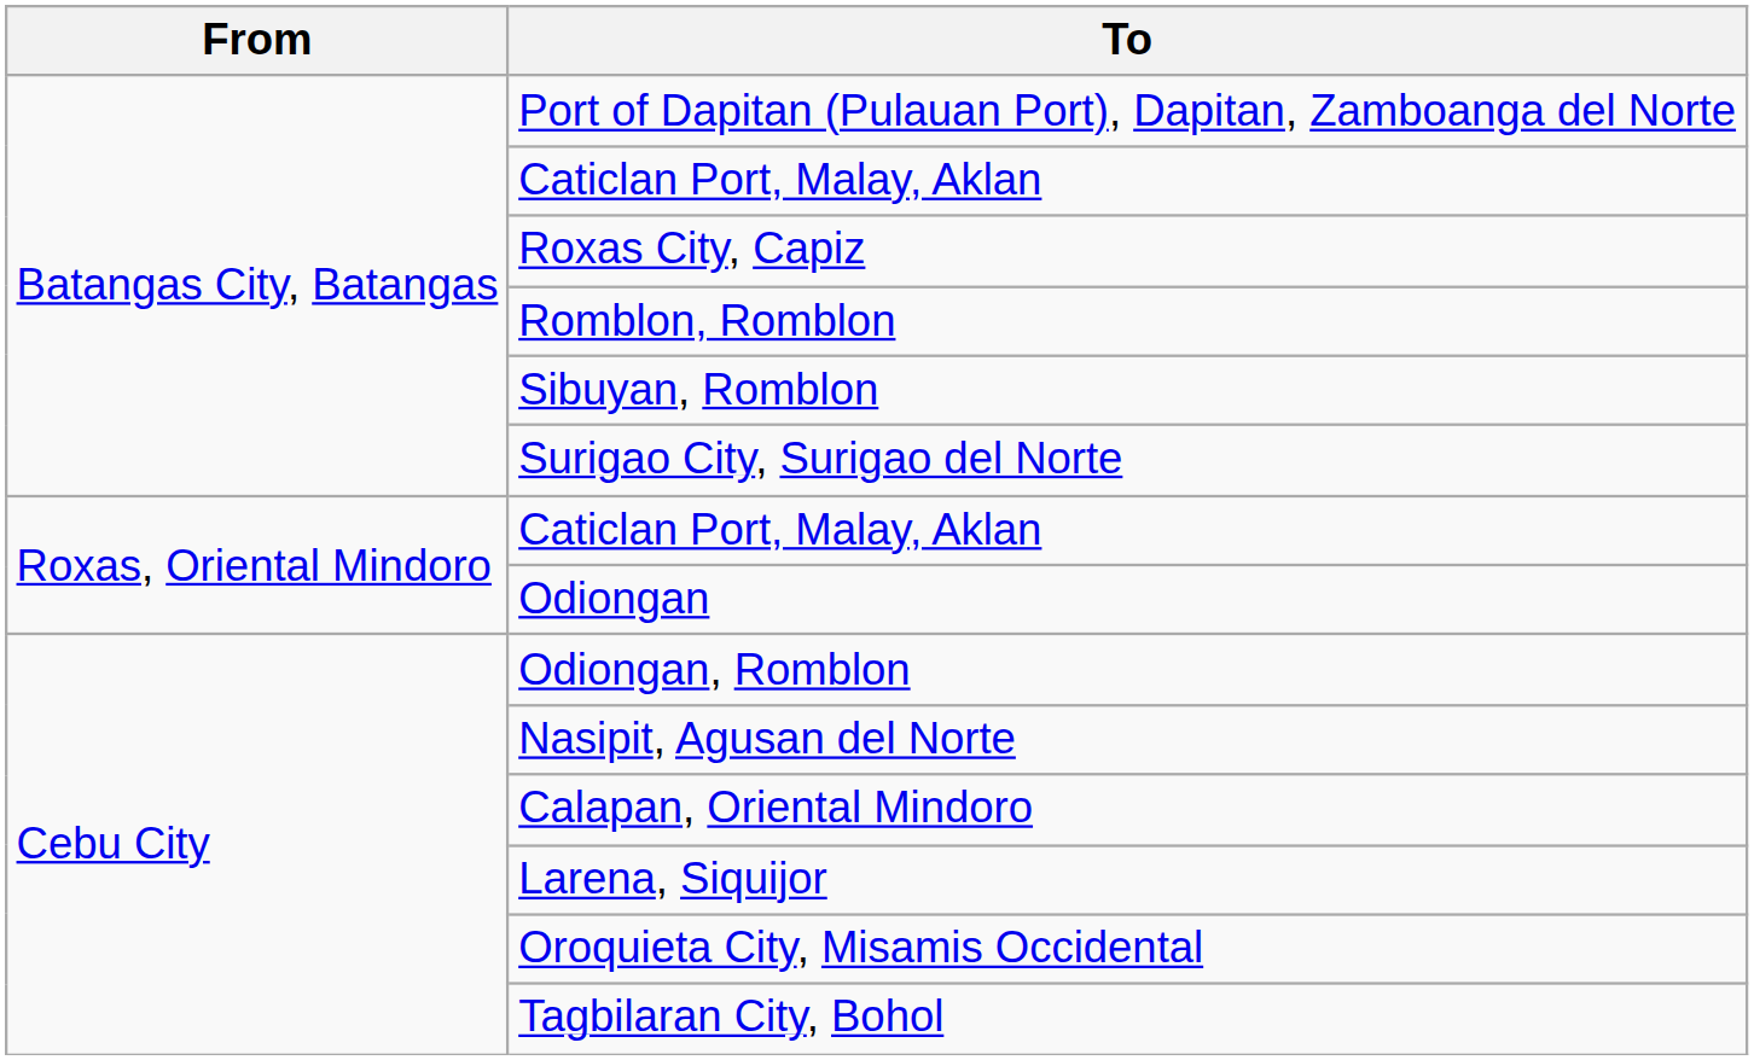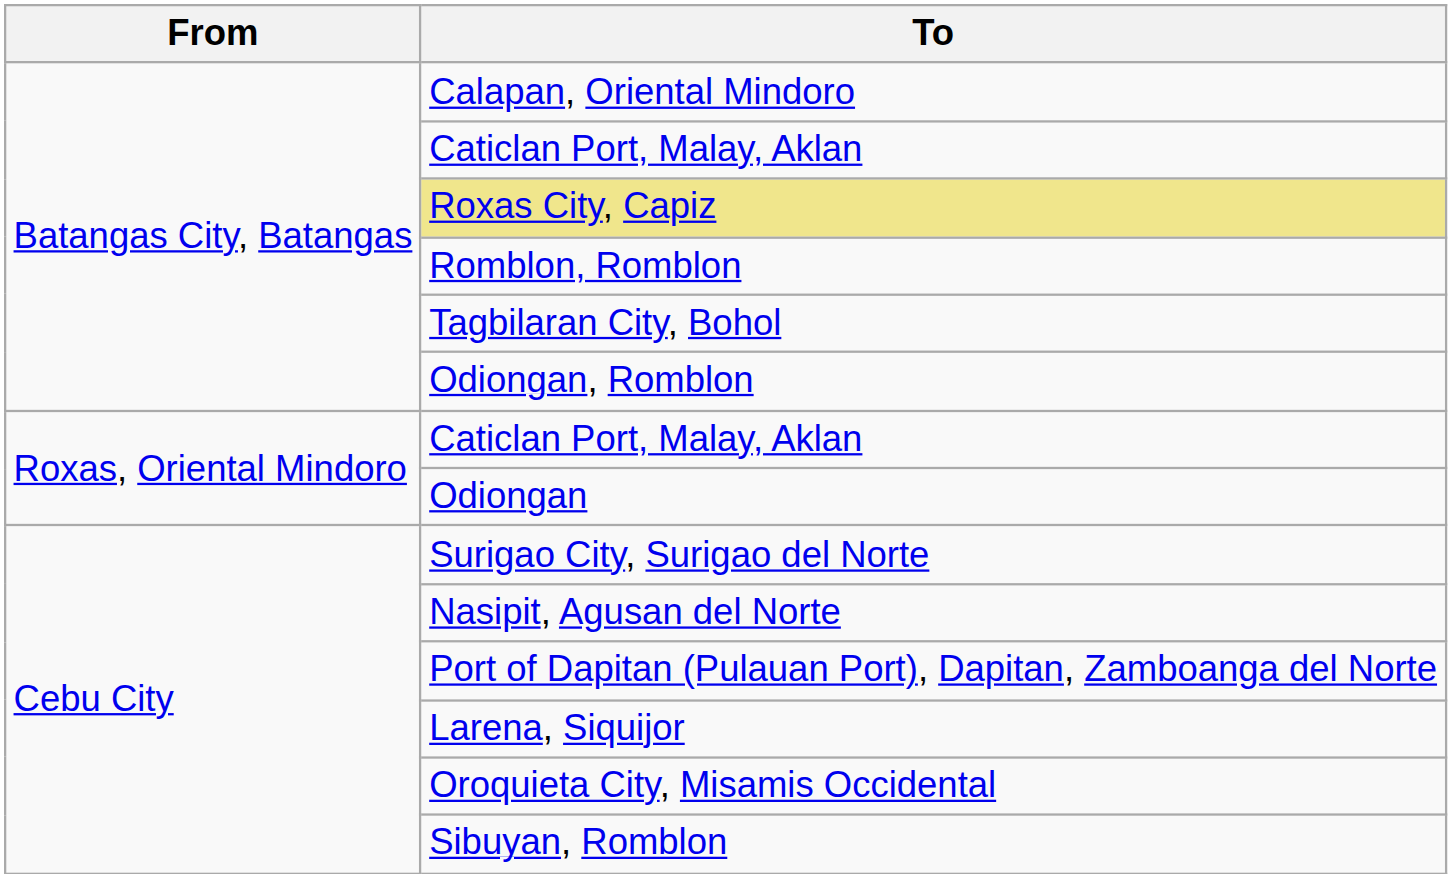 <table class="wikitable">
 <tr>
 <th>From</th>
 <th>To</th>
 </tr>
 <tr>
 <td rowspan="6" align="left"><a href='#'>Batangas City</a>, <a href='#'>Batangas</a></td>
-<td><a href='#'>Port of Dapitan (Pulauan Port)</a>, <a href='#'>Dapitan</a>, <a href='#'>Zamboanga del Norte</a></td>
+<td><a href='#'>Calapan</a>, <a href='#'>Oriental Mindoro</a></td>
 </tr>
 <tr>
 <td><a href='#'>Caticlan Port, Malay, Aklan</a></td>
 </tr>
 <tr>
-<td><a href='#'>Roxas City</a>, <a href='#'>Capiz</a></td>
+<td style="background: khaki;"><a href='#'>Roxas City</a>, <a href='#'>Capiz</a></td>
 </tr>
 <tr>
 <td><a href='#'>Romblon, Romblon</a></td>
 </tr>
 <tr>
-<td><a href='#'>Sibuyan</a>, <a href='#'>Romblon</a></td>
+<td><a href='#'>Tagbilaran City</a>, <a href='#'>Bohol</a></td>
 </tr>
 <tr>
-<td><a href='#'>Surigao City</a>, <a href='#'>Surigao del Norte</a></td>
+<td><a href='#'>Odiongan</a>, <a href='#'>Romblon</a></td>
 </tr>
 <tr>
 <td align="left" rowspan="2"><a href='#'>Roxas</a>, <a href='#'>Oriental Mindoro</a></td>
 <td><a href='#'>Caticlan Port, Malay, Aklan</a></td>
 </tr>
 <tr>
 <td><a href='#'>Odiongan</a></td>
 </tr>
 <tr>
 <td align="left" rowspan="6"><a href='#'>Cebu City</a></td>
-<td><a href='#'>Odiongan</a>, <a href='#'>Romblon</a></td>
+<td><a href='#'>Surigao City</a>, <a href='#'>Surigao del Norte</a></td>
 </tr>
 <tr>
 <td><a href='#'>Nasipit</a>, <a href='#'>Agusan del Norte</a></td>
 </tr>
 <tr>
-<td><a href='#'>Calapan</a>, <a href='#'>Oriental Mindoro</a></td>
+<td><a href='#'>Port of Dapitan (Pulauan Port)</a>, <a href='#'>Dapitan</a>, <a href='#'>Zamboanga del Norte</a></td>
 </tr>
 <tr>
 <td><a href='#'>Larena</a>, <a href='#'>Siquijor</a></td>
 </tr>
 <tr>
 <td><a href='#'>Oroquieta City</a>, <a href='#'>Misamis Occidental</a></td>
 </tr>
 <tr>
-<td><a href='#'>Tagbilaran City</a>, <a href='#'>Bohol</a></td>
+<td><a href='#'>Sibuyan</a>, <a href='#'>Romblon</a></td>
 </tr>
 </table>
